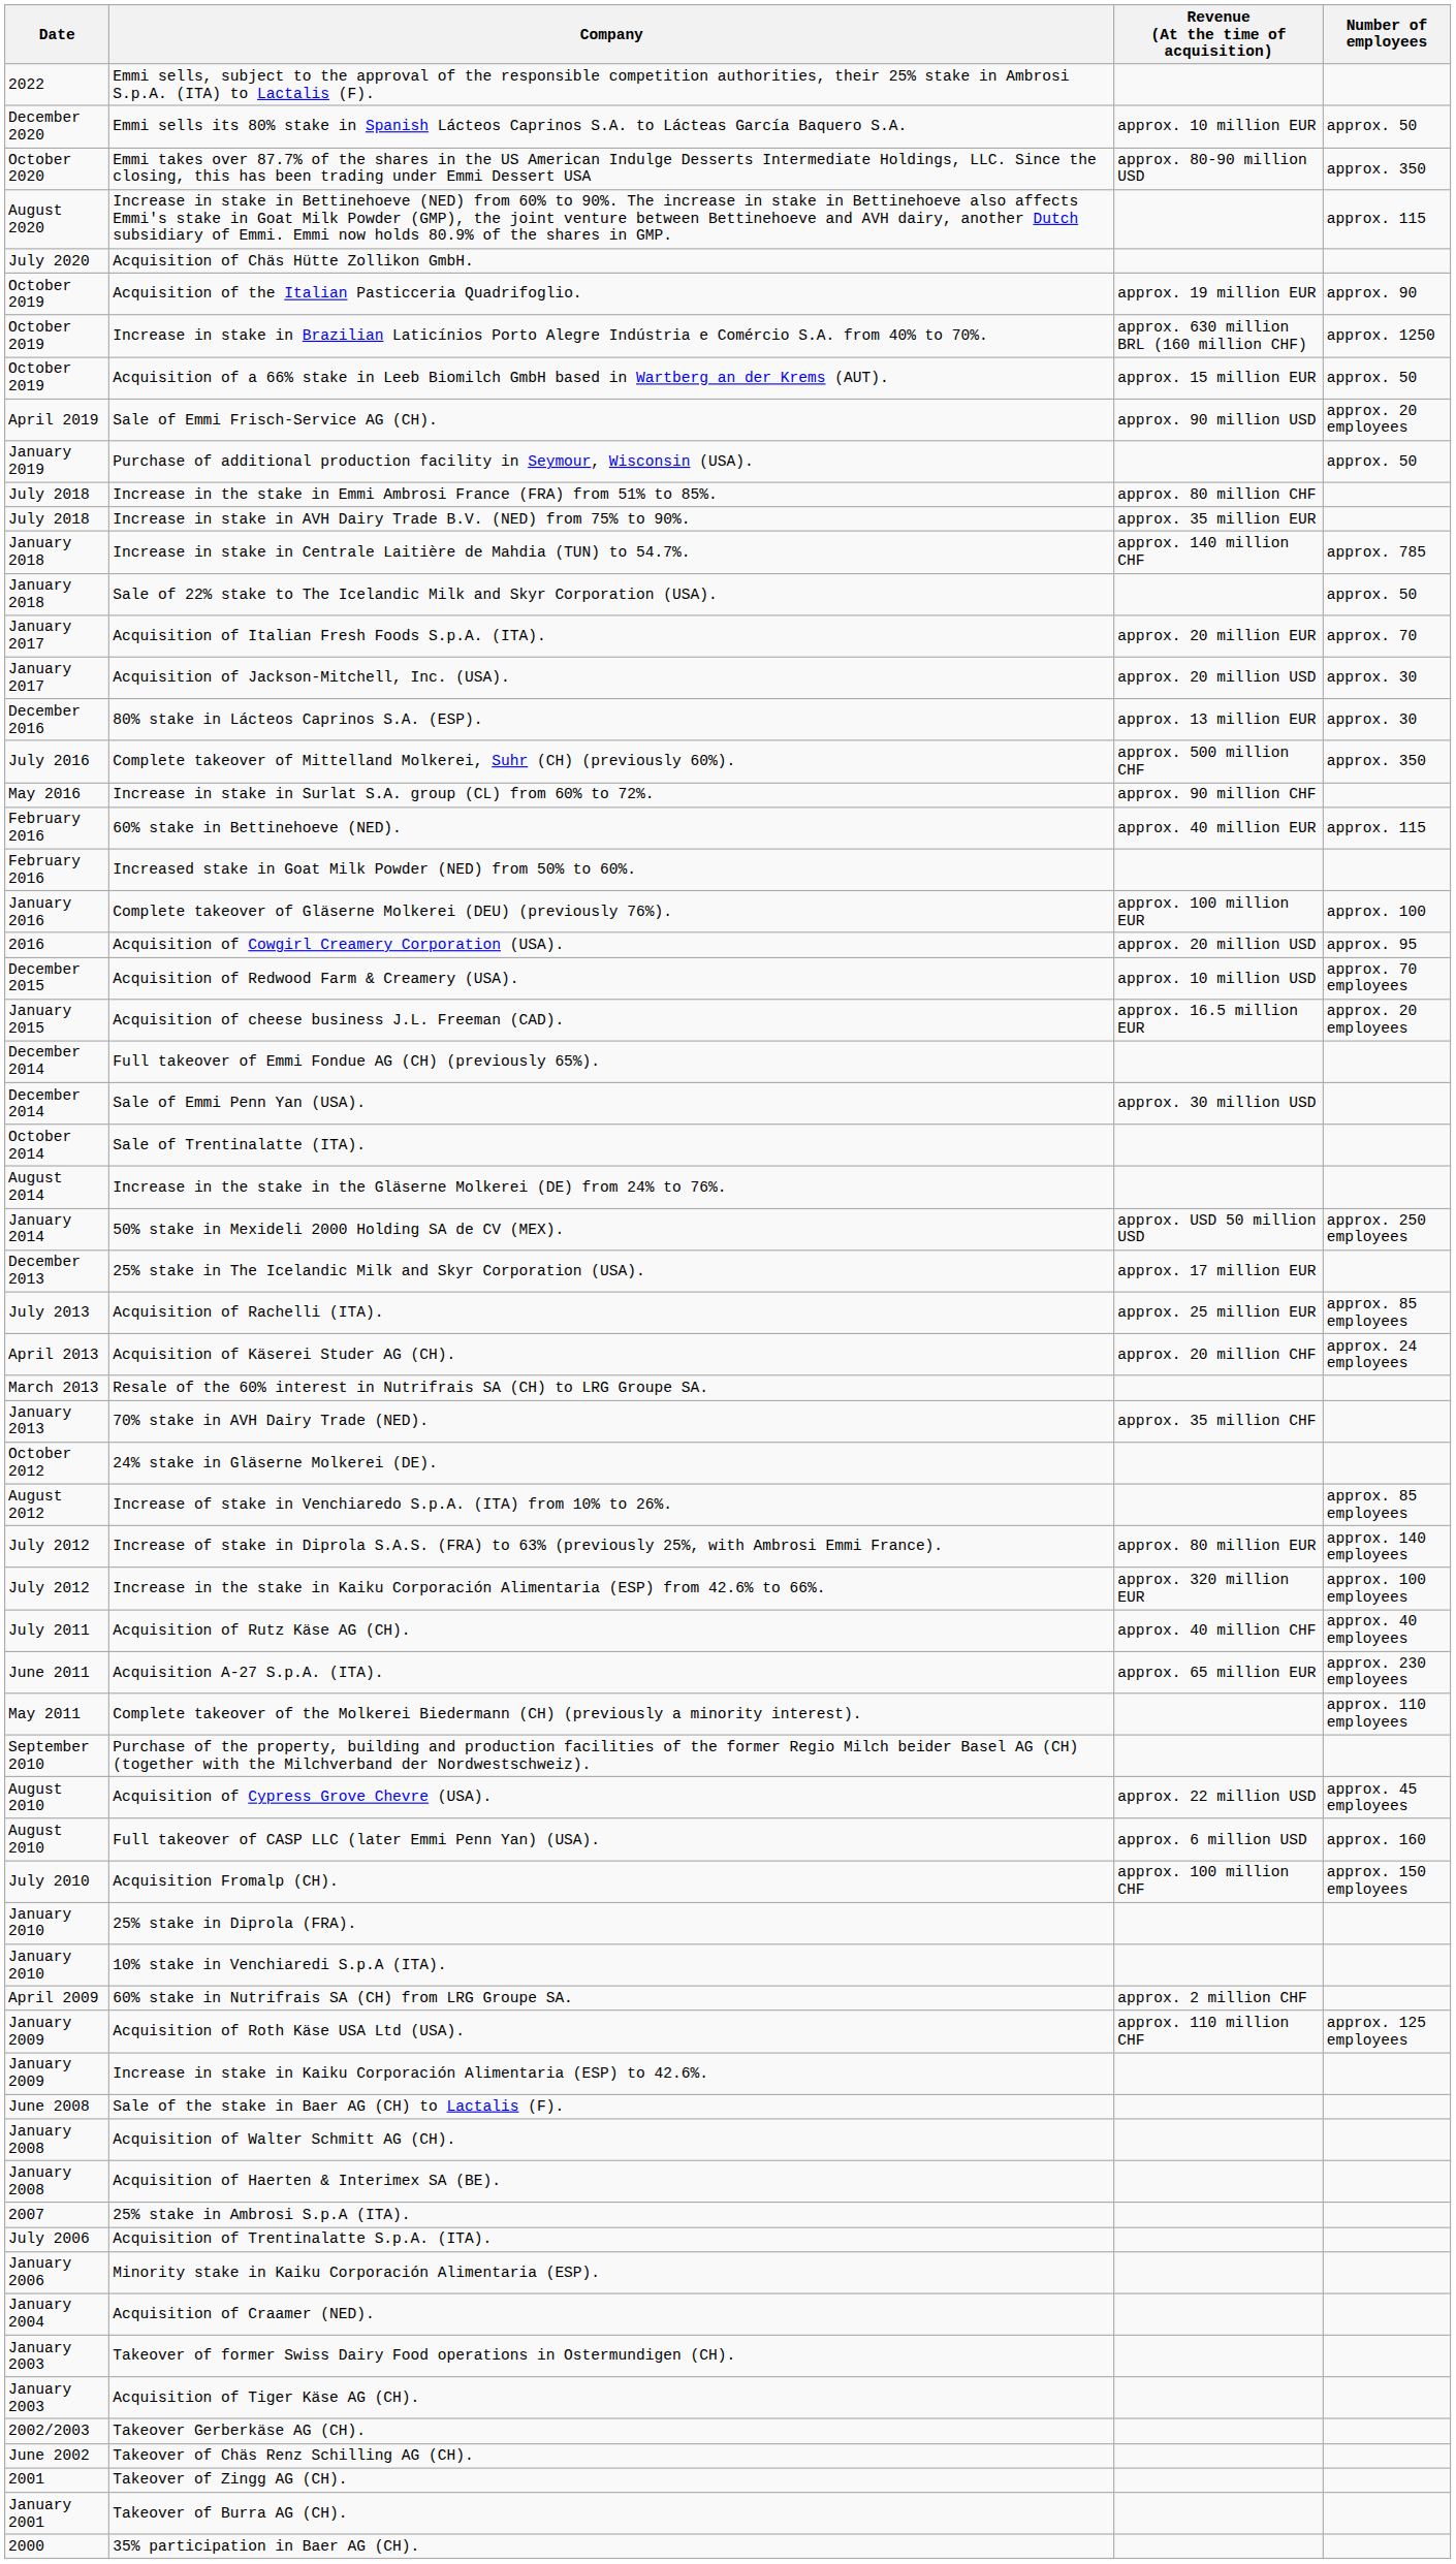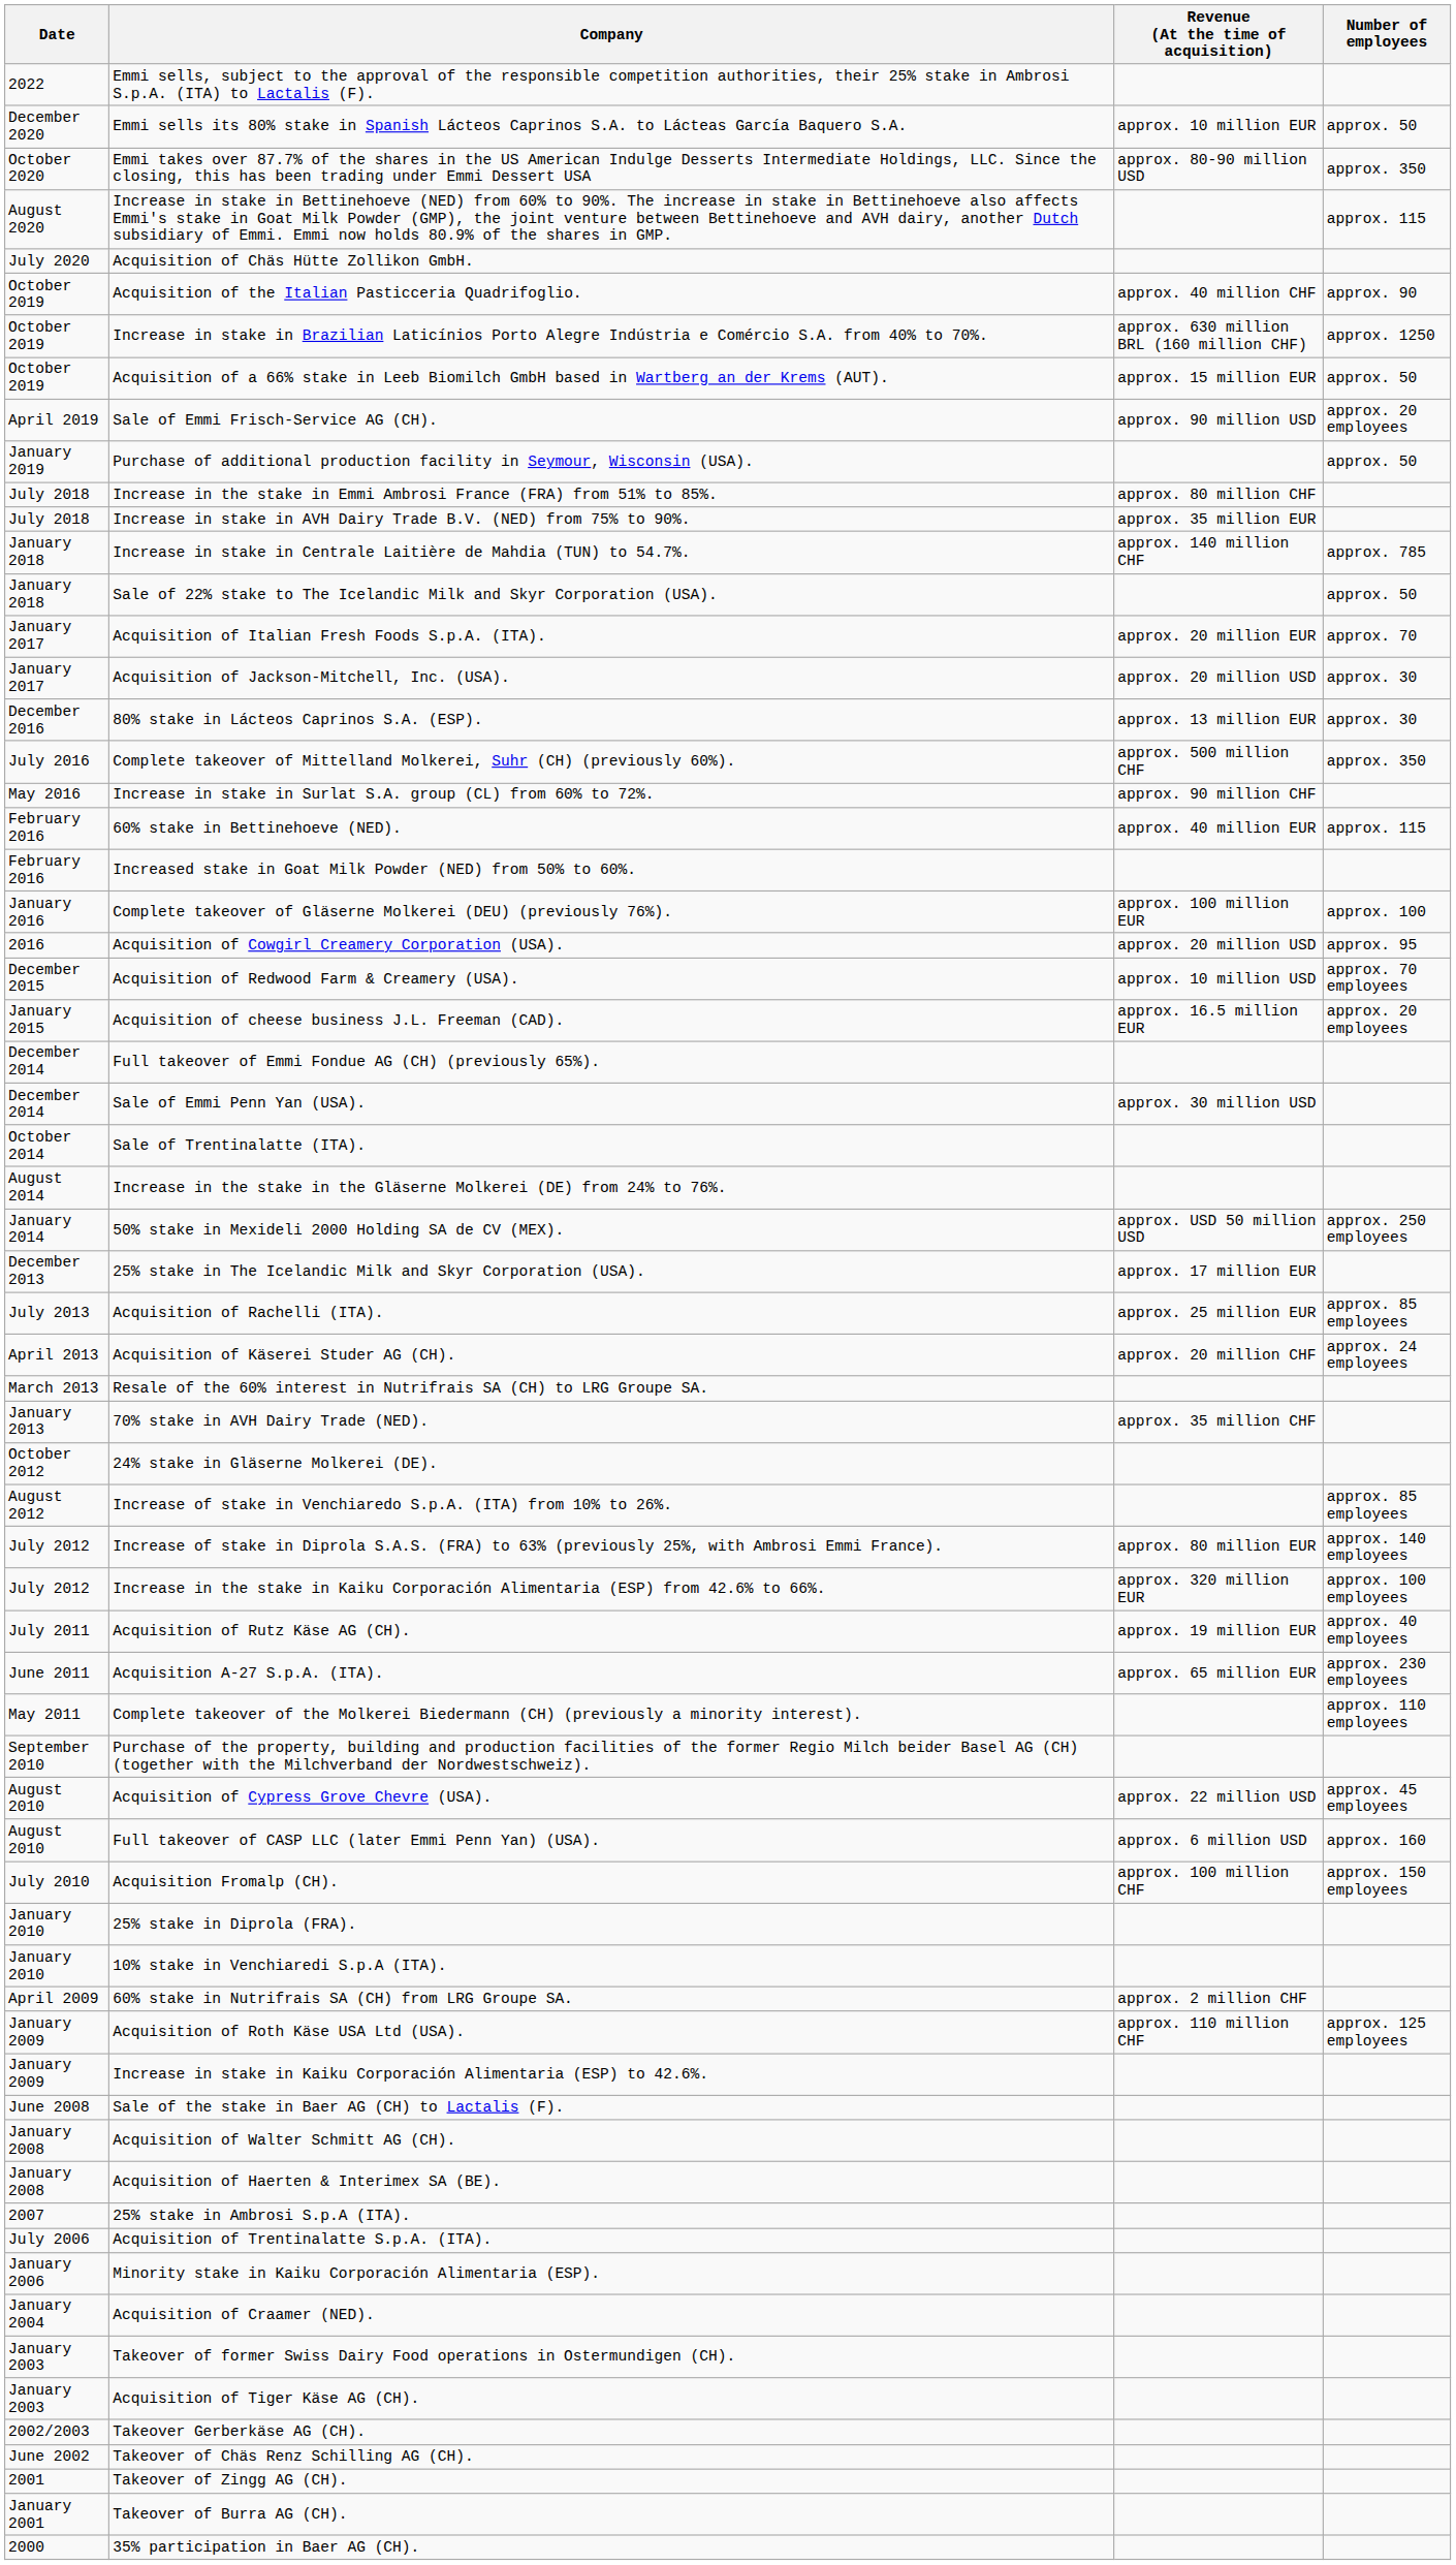 <table class="wikitable">
 <tr>
 <th>Date</th>
 <th>Company</th>
 <th>Revenue<br>(At the time of acquisition)</th>
 <th>Number of employees</th>
 </tr>
 <tr>
 <td>2022</td>
 <td>Emmi sells, subject to the approval of the responsible competition authorities, their 25% stake in Ambrosi S.p.A. (ITA) to <a href='#'>Lactalis</a> (F).</td>
 <td></td>
 <td></td>
 </tr>
 <tr>
 <td>December 2020</td>
 <td>Emmi sells its 80% stake in <a href='#'>Spanish</a> Lácteos Caprinos S.A. to Lácteas García Baquero S.A.</td>
 <td>approx. 10 million EUR</td>
 <td>approx. 50</td>
 </tr>
 <tr>
 <td>October 2020</td>
 <td>Emmi takes over 87.7% of the shares in the US American Indulge Desserts Intermediate Holdings, LLC. Since the closing, this has been trading under Emmi Dessert USA</td>
 <td>approx. 80-90 million USD</td>
 <td>approx. 350</td>
 </tr>
 <tr>
 <td>August 2020</td>
 <td>Increase in stake in Bettinehoeve (NED) from 60% to 90%. The increase in stake in Bettinehoeve also affects Emmi's stake in Goat Milk Powder (GMP), the joint venture between Bettinehoeve and AVH dairy, another <a href='#'>Dutch</a> subsidiary of Emmi. Emmi now holds 80.9% of the shares in GMP.</td>
 <td></td>
 <td>approx. 115</td>
 </tr>
 <tr>
 <td>July 2020</td>
 <td>Acquisition of Chäs Hütte Zollikon GmbH.</td>
 <td></td>
 <td></td>
 </tr>
 <tr>
 <td>October 2019</td>
 <td>Acquisition of the <a href='#'>Italian</a> Pasticceria Quadrifoglio.</td>
-<td>approx. 19 million EUR</td>
+<td>approx. 40 million CHF</td>
 <td>approx. 90</td>
 </tr>
 <tr>
 <td>October 2019</td>
 <td>Increase in stake in <a href='#'>Brazilian</a> Laticínios Porto Alegre Indústria e Comércio S.A. from 40% to 70%.</td>
 <td>approx. 630 million BRL (160 million CHF)</td>
 <td>approx. 1250</td>
 </tr>
 <tr>
 <td>October 2019</td>
 <td>Acquisition of a 66% stake in Leeb Biomilch GmbH based in <a href='#'>Wartberg an der Krems</a> (AUT).</td>
 <td>approx. 15 million EUR</td>
 <td>approx. 50</td>
 </tr>
 <tr>
 <td>April 2019</td>
 <td>Sale of Emmi Frisch-Service AG (CH).</td>
 <td>approx. 90 million USD</td>
 <td>approx. 20 employees</td>
 </tr>
 <tr>
 <td>January 2019</td>
 <td>Purchase of additional production facility in <a href='#'>Seymour</a>, <a href='#'>Wisconsin</a> (USA).</td>
 <td></td>
 <td>approx. 50</td>
 </tr>
 <tr>
 <td>July 2018</td>
 <td>Increase in the stake in Emmi Ambrosi France (FRA) from 51% to 85%.</td>
 <td>approx. 80 million CHF</td>
 <td></td>
 </tr>
 <tr>
 <td>July 2018</td>
 <td>Increase in stake in AVH Dairy Trade B.V. (NED) from 75% to 90%.</td>
 <td>approx. 35 million EUR</td>
 <td></td>
 </tr>
 <tr>
 <td>January 2018</td>
 <td>Increase in stake in Centrale Laitière de Mahdia (TUN) to 54.7%.</td>
 <td>approx. 140 million CHF</td>
 <td>approx. 785</td>
 </tr>
 <tr>
 <td>January 2018</td>
 <td>Sale of 22% stake to The Icelandic Milk and Skyr Corporation (USA).</td>
 <td></td>
 <td>approx. 50</td>
 </tr>
 <tr>
 <td>January 2017</td>
 <td>Acquisition of Italian Fresh Foods S.p.A. (ITA).</td>
 <td>approx. 20 million EUR</td>
 <td>approx. 70</td>
 </tr>
 <tr>
 <td>January 2017</td>
 <td>Acquisition of Jackson-Mitchell, Inc. (USA).</td>
 <td>approx. 20 million USD</td>
 <td>approx. 30</td>
 </tr>
 <tr>
 <td>December 2016</td>
 <td>80% stake in Lácteos Caprinos S.A. (ESP).</td>
 <td>approx. 13 million EUR</td>
 <td>approx. 30</td>
 </tr>
 <tr>
 <td>July 2016</td>
 <td>Complete takeover of Mittelland Molkerei, <a href='#'>Suhr</a> (CH) (previously 60%).</td>
 <td>approx. 500 million CHF</td>
 <td>approx. 350</td>
 </tr>
 <tr>
 <td>May 2016</td>
 <td>Increase in stake in Surlat S.A. group (CL) from 60% to 72%.</td>
 <td>approx. 90 million CHF</td>
 <td></td>
 </tr>
 <tr>
 <td>February 2016</td>
 <td>60% stake in Bettinehoeve (NED).</td>
 <td>approx. 40 million EUR</td>
 <td>approx. 115</td>
 </tr>
 <tr>
 <td>February 2016</td>
 <td>Increased stake in Goat Milk Powder (NED) from 50% to 60%.</td>
 <td></td>
 <td></td>
 </tr>
 <tr>
 <td>January 2016</td>
 <td>Complete takeover of Gläserne Molkerei (DEU) (previously 76%).</td>
 <td>approx. 100 million EUR</td>
 <td>approx. 100</td>
 </tr>
 <tr>
 <td>2016</td>
 <td>Acquisition of <a href='#'>Cowgirl Creamery Corporation</a> (USA).</td>
 <td>approx. 20 million USD</td>
 <td>approx. 95</td>
 </tr>
 <tr>
 <td>December 2015</td>
 <td>Acquisition of Redwood Farm & Creamery (USA).</td>
 <td>approx. 10 million USD</td>
 <td>approx. 70 employees</td>
 </tr>
 <tr>
 <td>January 2015</td>
 <td>Acquisition of cheese business J.L. Freeman (CAD).</td>
 <td>approx. 16.5 million EUR</td>
 <td>approx. 20 employees</td>
 </tr>
 <tr>
 <td>December 2014</td>
 <td>Full takeover of Emmi Fondue AG (CH) (previously 65%).</td>
 <td></td>
 <td></td>
 </tr>
 <tr>
 <td>December 2014</td>
 <td>Sale of Emmi Penn Yan (USA).</td>
 <td>approx. 30 million USD</td>
 <td></td>
 </tr>
 <tr>
 <td>October 2014</td>
 <td>Sale of Trentinalatte (ITA).</td>
 <td></td>
 <td></td>
 </tr>
 <tr>
 <td>August 2014</td>
 <td>Increase in the stake in the Gläserne Molkerei (DE) from 24% to 76%.</td>
 <td></td>
 <td></td>
 </tr>
 <tr>
 <td>January 2014</td>
 <td>50% stake in Mexideli 2000 Holding SA de CV (MEX).</td>
 <td>approx. USD 50 million USD</td>
 <td>approx. 250 employees</td>
 </tr>
 <tr>
 <td>December 2013</td>
 <td>25% stake in The Icelandic Milk and Skyr Corporation (USA).</td>
 <td>approx. 17 million EUR</td>
 <td></td>
 </tr>
 <tr>
 <td>July 2013</td>
 <td>Acquisition of Rachelli (ITA).</td>
 <td>approx. 25 million EUR</td>
 <td>approx. 85 employees</td>
 </tr>
 <tr>
 <td>April 2013</td>
 <td>Acquisition of Käserei Studer AG (CH).</td>
 <td>approx. 20 million CHF</td>
 <td>approx. 24 employees</td>
 </tr>
 <tr>
 <td>March 2013</td>
 <td>Resale of the 60% interest in Nutrifrais SA (CH) to LRG Groupe SA.</td>
 <td></td>
 <td></td>
 </tr>
 <tr>
 <td>January 2013</td>
 <td>70% stake in AVH Dairy Trade (NED).</td>
 <td>approx. 35 million CHF</td>
 <td></td>
 </tr>
 <tr>
 <td>October 2012</td>
 <td>24% stake in Gläserne Molkerei (DE).</td>
 <td></td>
 <td></td>
 </tr>
 <tr>
 <td>August 2012</td>
 <td>Increase of stake in Venchiaredo S.p.A. (ITA) from 10% to 26%.</td>
 <td></td>
 <td>approx. 85 employees</td>
 </tr>
 <tr>
 <td>July 2012</td>
 <td>Increase of stake in Diprola S.A.S. (FRA) to 63% (previously 25%, with Ambrosi Emmi France).</td>
 <td>approx. 80 million EUR</td>
 <td>approx. 140 employees</td>
 </tr>
 <tr>
 <td>July 2012</td>
 <td>Increase in the stake in Kaiku Corporación Alimentaria (ESP) from 42.6% to 66%.</td>
 <td>approx. 320 million EUR</td>
 <td>approx. 100 employees</td>
 </tr>
 <tr>
 <td>July 2011</td>
 <td>Acquisition of Rutz Käse AG (CH).</td>
-<td>approx. 40 million CHF</td>
+<td>approx. 19 million EUR</td>
 <td>approx. 40 employees</td>
 </tr>
 <tr>
 <td>June 2011</td>
 <td>Acquisition A-27 S.p.A. (ITA).</td>
 <td>approx. 65 million EUR</td>
 <td>approx. 230 employees</td>
 </tr>
 <tr>
 <td>May 2011</td>
 <td>Complete takeover of the Molkerei Biedermann (CH) (previously a minority interest).</td>
 <td></td>
 <td>approx. 110 employees</td>
 </tr>
 <tr>
 <td>September 2010</td>
 <td>Purchase of the property, building and production facilities of the former Regio Milch beider Basel AG (CH) (together with the Milchverband der Nordwestschweiz).</td>
 <td></td>
 <td></td>
 </tr>
 <tr>
 <td>August 2010</td>
 <td>Acquisition of <a href='#'>Cypress Grove Chevre</a> (USA).</td>
 <td>approx. 22 million USD</td>
 <td>approx. 45 employees</td>
 </tr>
 <tr>
 <td>August 2010</td>
 <td>Full takeover of CASP LLC (later Emmi Penn Yan) (USA).</td>
 <td>approx. 6 million USD</td>
 <td>approx. 160</td>
 </tr>
 <tr>
 <td>July 2010</td>
 <td>Acquisition Fromalp (CH).</td>
 <td>approx. 100 million CHF</td>
 <td>approx. 150 employees</td>
 </tr>
 <tr>
 <td>January 2010</td>
 <td>25% stake in Diprola (FRA).</td>
 <td></td>
 <td></td>
 </tr>
 <tr>
 <td>January 2010</td>
 <td>10% stake in Venchiaredi S.p.A (ITA).</td>
 <td></td>
 <td></td>
 </tr>
 <tr>
 <td>April 2009</td>
 <td>60% stake in Nutrifrais SA (CH) from LRG Groupe SA.</td>
 <td>approx. 2 million CHF</td>
 <td></td>
 </tr>
 <tr>
 <td>January 2009</td>
 <td>Acquisition of Roth Käse USA Ltd (USA).</td>
 <td>approx. 110 million CHF</td>
 <td>approx. 125 employees</td>
 </tr>
 <tr>
 <td>January 2009</td>
 <td>Increase in stake in Kaiku Corporación Alimentaria (ESP) to 42.6%.</td>
 <td></td>
 <td></td>
 </tr>
 <tr>
 <td>June 2008</td>
 <td>Sale of the stake in Baer AG (CH) to <a href='#'>Lactalis</a> (F).</td>
 <td></td>
 <td></td>
 </tr>
 <tr>
 <td>January 2008</td>
 <td>Acquisition of Walter Schmitt AG (CH).</td>
 <td></td>
 <td></td>
 </tr>
 <tr>
 <td>January 2008</td>
 <td>Acquisition of Haerten & Interimex SA (BE).</td>
 <td></td>
 <td></td>
 </tr>
 <tr>
 <td>2007</td>
 <td>25% stake in Ambrosi S.p.A (ITA).</td>
 <td></td>
 <td></td>
 </tr>
 <tr>
 <td>July 2006</td>
 <td>Acquisition of Trentinalatte S.p.A. (ITA).</td>
 <td></td>
 <td></td>
 </tr>
 <tr>
 <td>January 2006</td>
 <td>Minority stake in Kaiku Corporación Alimentaria (ESP).</td>
 <td></td>
 <td></td>
 </tr>
 <tr>
 <td>January 2004</td>
 <td>Acquisition of Craamer (NED).</td>
 <td></td>
 <td></td>
 </tr>
 <tr>
 <td>January 2003</td>
 <td>Takeover of former Swiss Dairy Food operations in Ostermundigen (CH).</td>
 <td></td>
 <td></td>
 </tr>
 <tr>
 <td>January 2003</td>
 <td>Acquisition of Tiger Käse AG (CH).</td>
 <td></td>
 <td></td>
 </tr>
 <tr>
 <td>2002/2003</td>
 <td>Takeover Gerberkäse AG (CH).</td>
 <td></td>
 <td></td>
 </tr>
 <tr>
 <td>June 2002</td>
 <td>Takeover of Chäs Renz Schilling AG (CH).</td>
 <td></td>
 <td></td>
 </tr>
 <tr>
 <td>2001</td>
 <td>Takeover of Zingg AG (CH).</td>
 <td></td>
 <td></td>
 </tr>
 <tr>
 <td>January 2001</td>
 <td>Takeover of Burra AG (CH).</td>
 <td></td>
 <td></td>
 </tr>
 <tr>
 <td>2000</td>
 <td>35% participation in Baer AG (CH).</td>
 <td></td>
 <td></td>
 </tr>
 </table>
